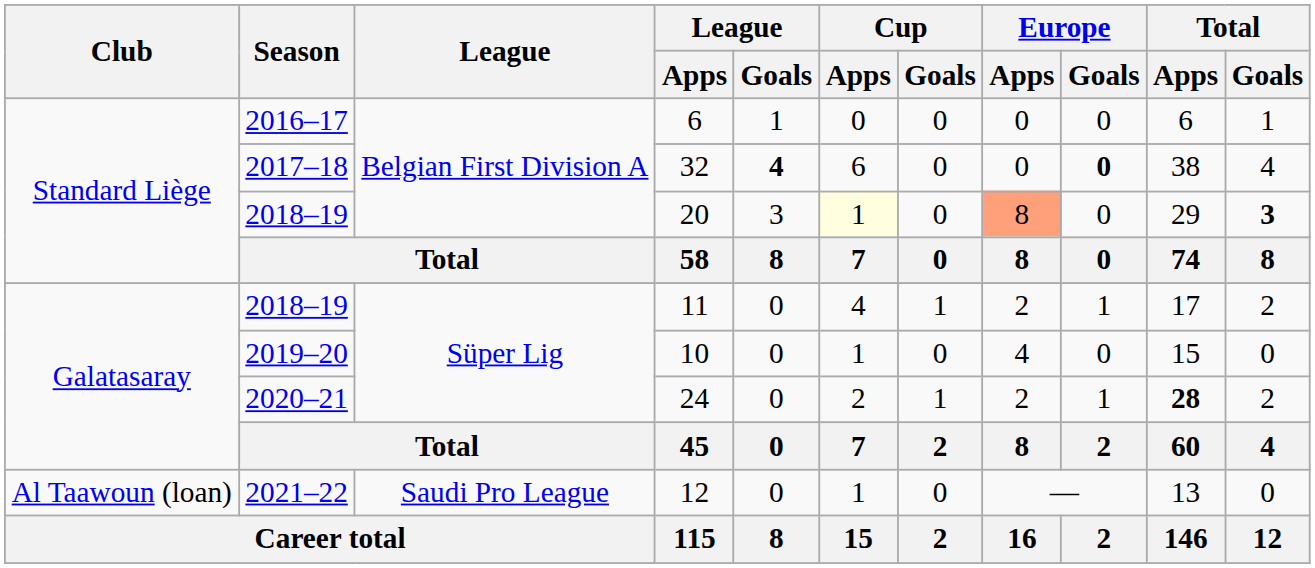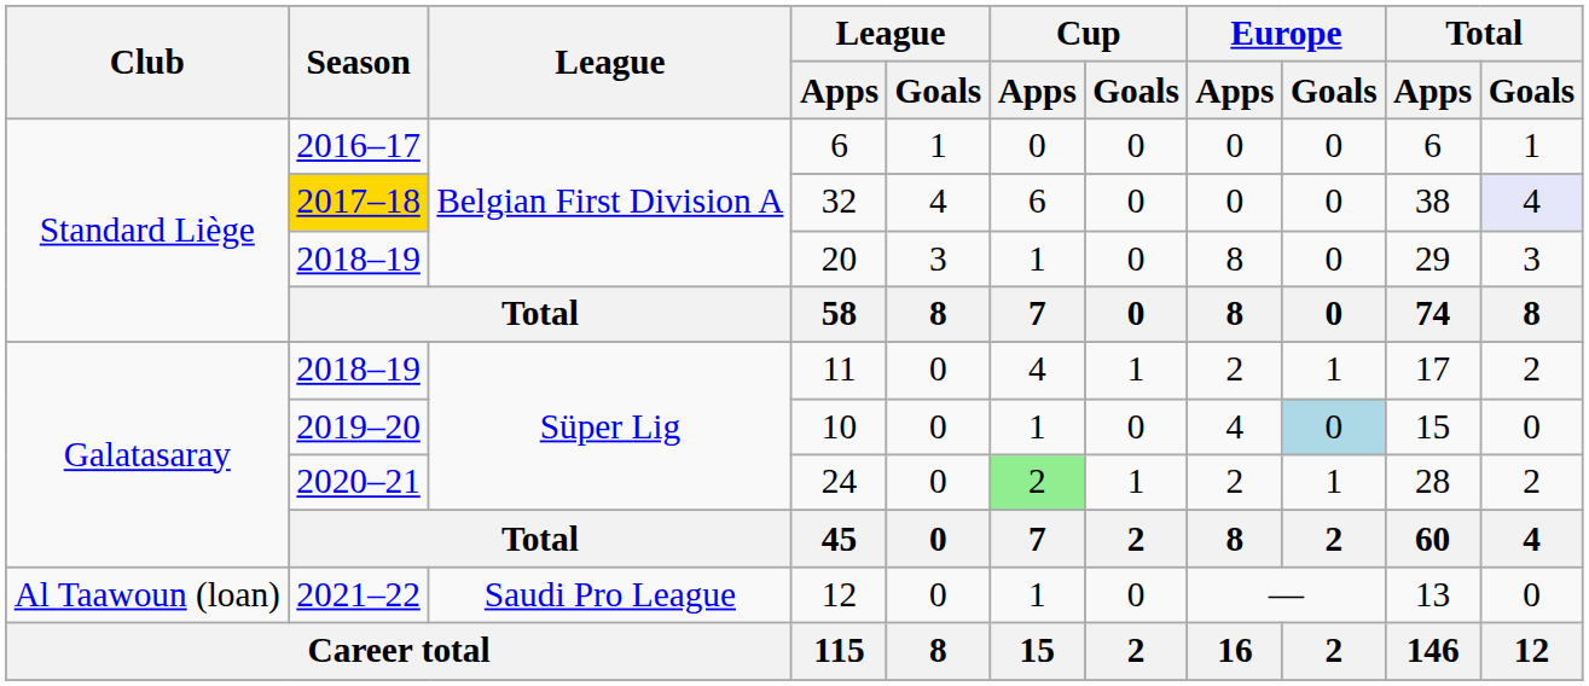 <table class="wikitable" style="text-align: center;">
 <tr>
 <th rowspan="2">Club</th>
 <th rowspan="2">Season</th>
 <th rowspan="2">League</th>
 <th colspan="2">League</th>
 <th colspan="2">Cup</th>
 <th colspan="2"><a href='#'>Europe</a></th>
 <th colspan="2">Total</th>
 </tr>
 <tr>
 <th>Apps</th>
 <th>Goals</th>
 <th>Apps</th>
 <th>Goals</th>
 <th>Apps</th>
 <th>Goals</th>
 <th>Apps</th>
 <th>Goals</th>
 </tr>
 <tr>
 <td rowspan="4"><a href='#'>Standard Liège</a></td>
 <td><a href='#'>2016–17</a></td>
 <td rowspan="3"><a href='#'>Belgian First Division A</a></td>
 <td>6</td>
 <td>1</td>
 <td>0</td>
 <td>0</td>
 <td>0</td>
 <td>0</td>
 <td>6</td>
 <td>1</td>
 </tr>
 <tr>
-<td><a href='#'>2017–18</a></td>
+<td style="background: gold;"><a href='#'>2017–18</a></td>
 <td>32</td>
-<td><strong>4</strong></td>
+<td>4</td>
 <td>6</td>
 <td>0</td>
 <td>0</td>
-<td><strong>0</strong></td>
+<td>0</td>
 <td>38</td>
-<td>4</td>
+<td style="background: lavender;">4</td>
 </tr>
 <tr>
 <td><a href='#'>2018–19</a></td>
 <td>20</td>
 <td>3</td>
-<td style="background: lightyellow;">1</td>
+<td>1</td>
 <td>0</td>
-<td style="background: lightsalmon;">8</td>
+<td>8</td>
 <td>0</td>
 <td>29</td>
-<td><strong>3</strong></td>
+<td>3</td>
 </tr>
 <tr>
 <th colspan="2">Total</th>
 <th>58</th>
 <th>8</th>
 <th>7</th>
 <th>0</th>
 <th>8</th>
 <th>0</th>
 <th>74</th>
 <th>8</th>
 </tr>
 <tr>
 <td rowspan="4"><a href='#'>Galatasaray</a></td>
 <td><a href='#'>2018–19</a></td>
 <td rowspan="3"><a href='#'>Süper Lig</a></td>
 <td>11</td>
 <td>0</td>
 <td>4</td>
 <td>1</td>
 <td>2</td>
 <td>1</td>
 <td>17</td>
 <td>2</td>
 </tr>
 <tr>
 <td><a href='#'>2019–20</a></td>
 <td>10</td>
 <td>0</td>
 <td>1</td>
 <td>0</td>
 <td>4</td>
-<td>0</td>
+<td style="background: lightblue;">0</td>
 <td>15</td>
 <td>0</td>
 </tr>
 <tr>
 <td><a href='#'>2020–21</a></td>
 <td>24</td>
 <td>0</td>
-<td>2</td>
+<td style="background: lightgreen;">2</td>
 <td>1</td>
 <td>2</td>
 <td>1</td>
-<td><strong>28</strong></td>
+<td>28</td>
 <td>2</td>
 </tr>
 <tr>
 <th colspan="2">Total</th>
 <th>45</th>
 <th>0</th>
 <th>7</th>
 <th>2</th>
 <th>8</th>
 <th>2</th>
 <th>60</th>
 <th>4</th>
 </tr>
 <tr>
 <td><a href='#'>Al Taawoun</a> (loan)</td>
 <td><a href='#'>2021–22</a></td>
 <td><a href='#'>Saudi Pro League</a></td>
 <td>12</td>
 <td>0</td>
 <td>1</td>
 <td>0</td>
 <td colspan="2">—</td>
 <td>13</td>
 <td>0</td>
 </tr>
 <tr>
 <th colspan="3">Career total</th>
 <th>115</th>
 <th>8</th>
 <th>15</th>
 <th>2</th>
 <th>16</th>
 <th>2</th>
 <th>146</th>
 <th>12</th>
 </tr>
 </table>
